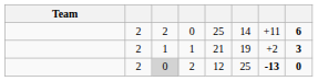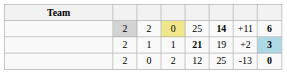 <table class="wikitable" style="text-align:center;font-size:95%">
 <tr>
 <th width=160>Team</th>
 <th width=30></th>
 <th width=30></th>
 <th width=30></th>
 <th width=30></th>
 <th width=30></th>
 <th width=30></th>
 <th width=30></th>
 </tr>
 <tr>
 <td align="left"></td>
+<td style="background: lightgrey;">2</td>
 <td>2</td>
-<td>2</td>
-<td>0</td>
+<td style="background: khaki;">0</td>
 <td>25</td>
-<td>14</td>
+<td><strong>14</strong></td>
 <td>+11</td>
 <td><strong>6</strong></td>
 </tr>
 <tr>
 <td align="left"></td>
 <td>2</td>
 <td>1</td>
 <td>1</td>
-<td>21</td>
+<td><strong>21</strong></td>
 <td>19</td>
 <td>+2</td>
-<td><strong>3</strong></td>
+<td style="background: lightblue;"><strong>3</strong></td>
 </tr>
 <tr>
 <td align="left"></td>
 <td>2</td>
-<td style="background: lightgrey;">0</td>
+<td>0</td>
 <td>2</td>
 <td>12</td>
 <td>25</td>
-<td><strong>-13</strong></td>
+<td>-13</td>
 <td><strong>0</strong></td>
 </tr>
 </table>
